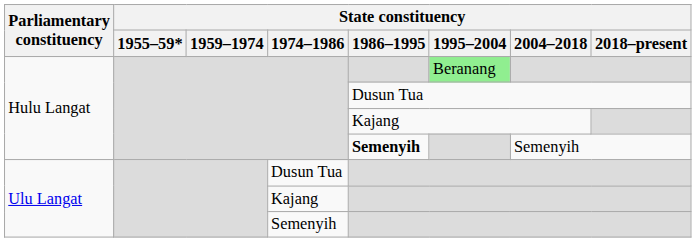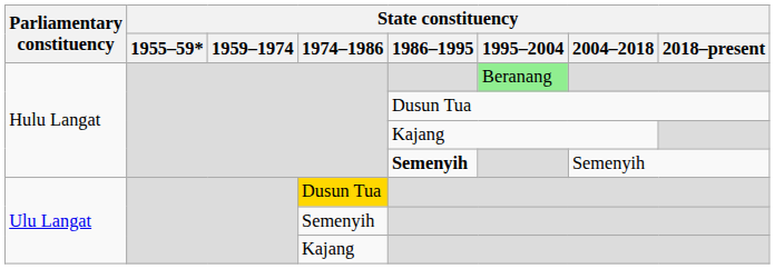 <table class="wikitable">
 <tr>
 <th rowspan="2">Parliamentary<br>constituency</th>
 <th colspan="7">State constituency</th>
 </tr>
 <tr>
 <th>1955–59*</th>
 <th>1959–1974</th>
 <th>1974–1986</th>
 <th>1986–1995</th>
 <th>1995–2004</th>
 <th>2004–2018</th>
 <th>2018–present</th>
 </tr>
 <tr>
 <td rowspan="4">Hulu Langat</td>
 <td colspan="3" rowspan="4" bgcolor="dcdcdc"></td>
 <td bgcolor="dcdcdc"></td>
 <td style="background: lightgreen;">Beranang</td>
 <td colspan="2" bgcolor="dcdcdc"></td>
 </tr>
 <tr>
 <td colspan="4">Dusun Tua</td>
 </tr>
 <tr>
 <td colspan="3">Kajang</td>
 <td bgcolor="dcdcdc"></td>
 </tr>
 <tr>
 <td><strong>Semenyih</strong></td>
 <td bgcolor="dcdcdc"></td>
 <td colspan="2">Semenyih</td>
 </tr>
 <tr>
 <td rowspan="3"><a href='#'>Ulu Langat</a></td>
 <td colspan="2" rowspan="3" bgcolor="dcdcdc"></td>
-<td>Dusun Tua</td>
+<td style="background: gold;">Dusun Tua</td>
+<td colspan="4" bgcolor="dcdcdc"></td>
+</tr>
+<tr>
+<td>Semenyih</td>
 <td colspan="4" bgcolor="dcdcdc"></td>
 </tr>
 <tr>
 <td>Kajang</td>
 <td colspan="4" bgcolor="dcdcdc"></td>
 </tr>
-<tr>
-<td>Semenyih</td>
-<td colspan="4" bgcolor="dcdcdc"></td>
-</tr>
 </table>
